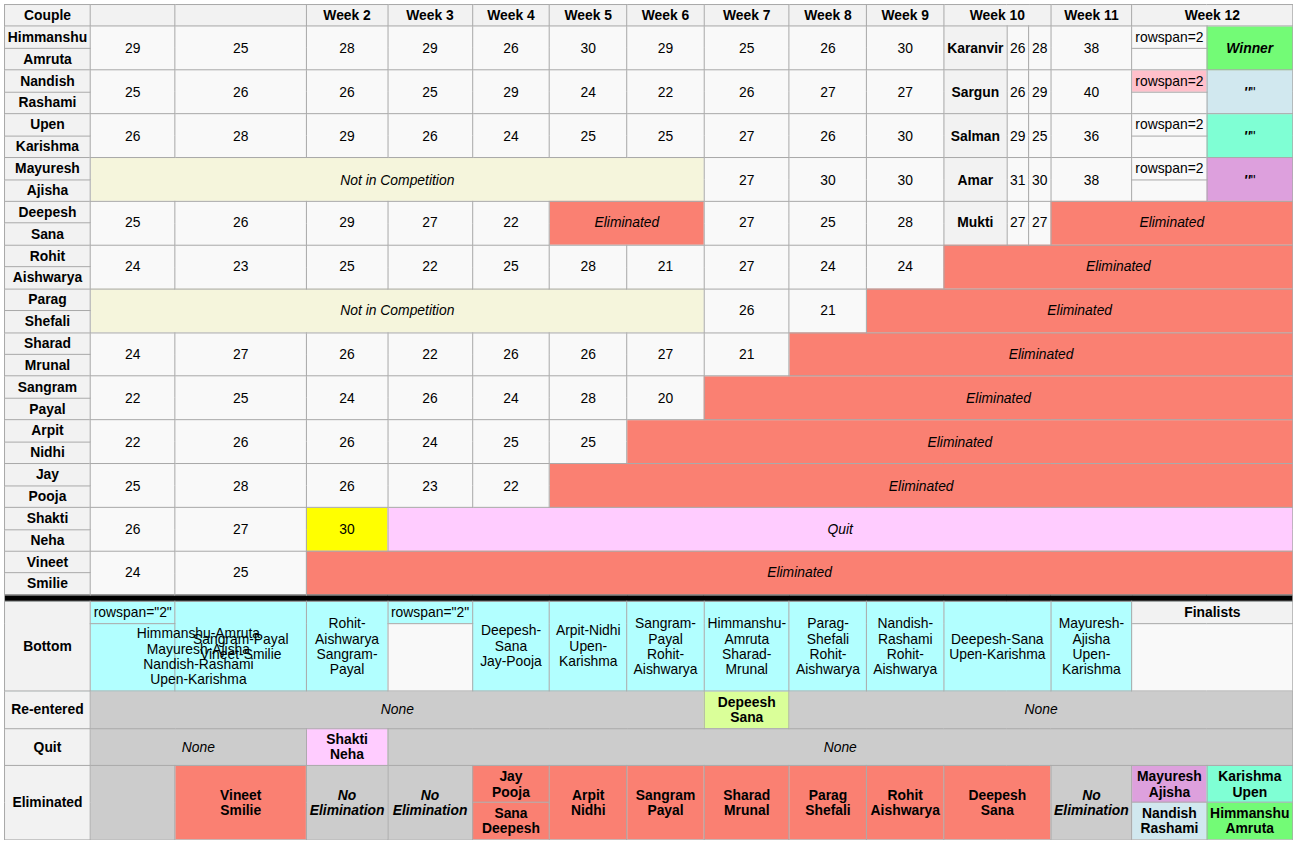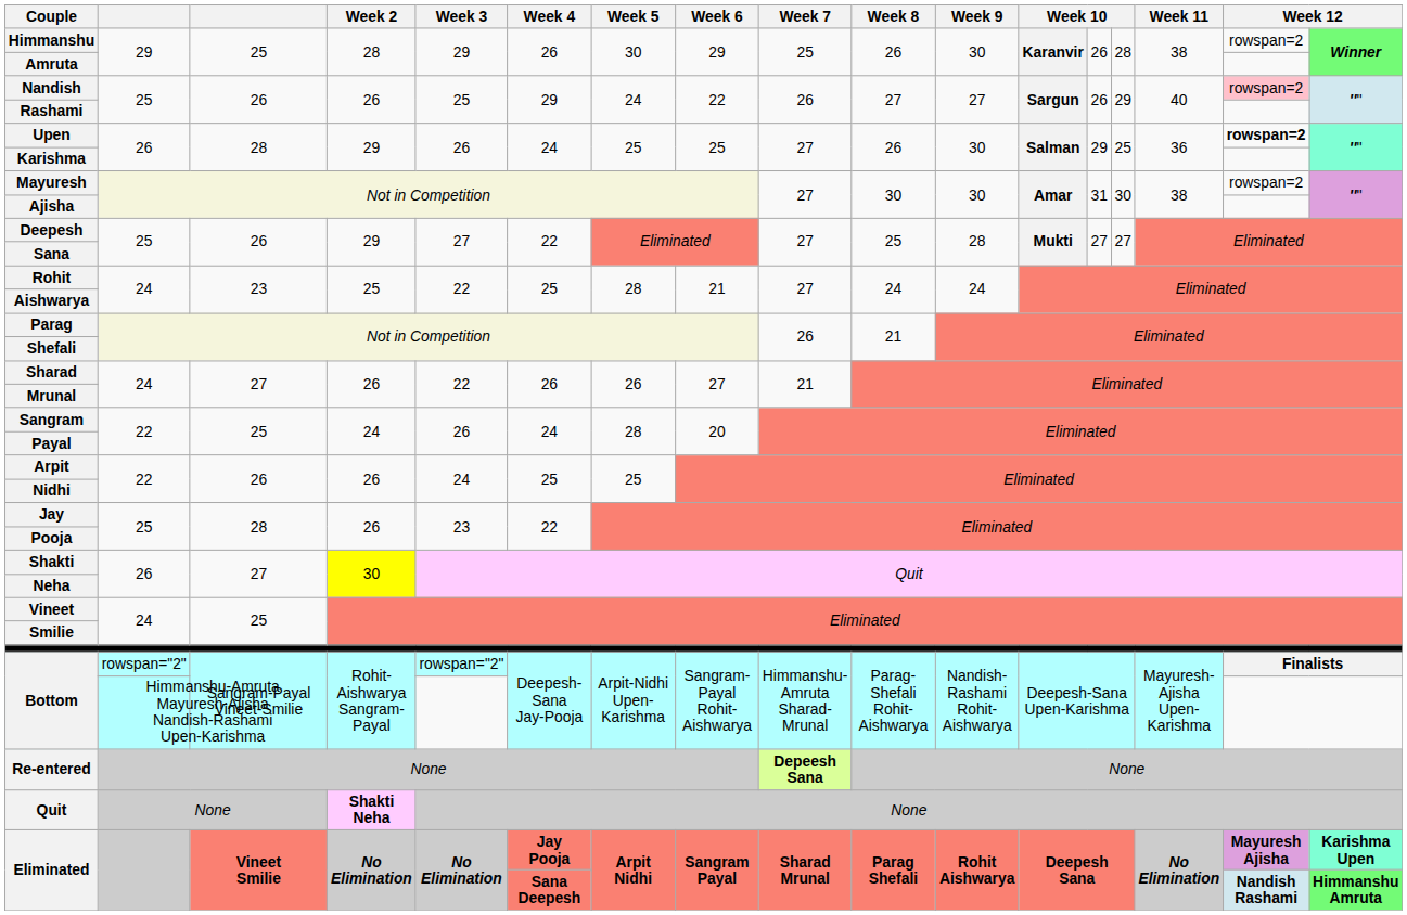 <table class="wikitable " style="text-align:center; width:100%; font-size:85%; line-height:15px;">
 <tr>
 <th style="width: 6%;">Couple</th>
 <th style="width: 6%;"></th>
 <th></th>
 <th style="width: 6%;">Week 2</th>
 <th style="width: 6%;">Week 3</th>
 <th style="width: 6%;">Week 4</th>
 <th style="width: 6%;">Week 5</th>
 <th style="width: 6%;">Week 6</th>
 <th style="width: 6%;">Week 7</th>
 <th style="width: 6%;">Week 8</th>
 <th style="width: 6%;">Week 9</th>
 <th colspan="3" style="width:6%; white-space:nowrap;">Week 10</th>
 <th style="width: 6%;">Week 11</th>
 <th colspan="2" style="width:9%; white-space:nowrap;">Week 12</th>
 </tr>
 <tr>
 <th>Himmanshu</th>
 <td rowspan=2>29</td>
 <td rowspan=2>25</td>
 <td rowspan=2>28</td>
 <td rowspan=2>29</td>
 <td rowspan=2>26</td>
 <td rowspan=2>30</td>
 <td rowspan=2>29</td>
 <td rowspan=2>25</td>
 <td rowspan=2>26</td>
 <td rowspan=2>30</td>
 <th rowspan="2">Karanvir</th>
 <td rowspan="2">26</td>
 <td rowspan="2">28</td>
 <td rowspan=2>38</td>
 <td>rowspan=2 </td>
 <td rowspan="2" style="background:#73FB76;"><strong><em>Winner</em></strong></td>
 </tr>
 <tr>
 <th>Amruta</th>
 </tr>
 <tr>
 <th>Nandish</th>
 <td rowspan=2>25</td>
 <td rowspan=2>26</td>
 <td rowspan=2>26</td>
 <td rowspan=2>25</td>
 <td rowspan=2>29</td>
 <td rowspan=2>24</td>
 <td rowspan=2>22</td>
 <td rowspan=2>26</td>
 <td rowspan=2>27</td>
 <td rowspan=2>27</td>
 <th rowspan="2">Sargun</th>
 <td rowspan="2">26</td>
 <td rowspan="2">29</td>
 <td rowspan=2>40</td>
 <td style="background: pink;">rowspan=2 </td>
 <td rowspan="2" style="background:#D1E8EF;"><strong><em>''</em></strong>''</td>
 </tr>
 <tr>
 <th>Rashami</th>
 </tr>
 <tr>
 <th>Upen</th>
 <td rowspan=2>26</td>
 <td rowspan=2>28</td>
 <td rowspan=2>29</td>
 <td rowspan=2>26</td>
 <td rowspan=2>24</td>
 <td rowspan=2>25</td>
 <td rowspan=2>25</td>
 <td rowspan=2>27</td>
 <td rowspan=2>26</td>
 <td rowspan=2>30</td>
 <th rowspan="2">Salman</th>
 <td rowspan="2">29</td>
 <td rowspan="2">25</td>
 <td rowspan=2>36</td>
-<td>rowspan=2 </td>
+<td><strong>rowspan=2 </strong></td>
 <td rowspan="2" style="background:#7FFFD4;"><strong><em>''</em></strong>''</td>
 </tr>
 <tr>
 <th>Karishma</th>
 </tr>
 <tr>
 <th>Mayuresh</th>
 <td rowspan=2 colspan="7" style="background:beige; text-align:center;"><em>Not in Competition </em></td>
 <td rowspan=2>27</td>
 <td rowspan=2>30</td>
 <td rowspan=2>30</td>
 <th rowspan="2">Amar</th>
 <td rowspan="2">31</td>
 <td rowspan="2">30</td>
 <td rowspan=2>38</td>
 <td>rowspan=2 </td>
 <td rowspan="2" style="background:#DDA0DD;"><strong><em>''</em></strong>''</td>
 </tr>
 <tr>
 <th>Ajisha</th>
 </tr>
 <tr>
 <th>Deepesh</th>
 <td rowspan=2>25</td>
 <td rowspan=2>26</td>
 <td rowspan=2>29</td>
 <td rowspan=2>27</td>
 <td rowspan=2>22</td>
 <td rowspan=2 colspan="2" style="background:salmon; text-align:center;"><em>Eliminated</em></td>
 <td rowspan=2>27</td>
 <td rowspan=2>25</td>
 <td rowspan=2>28</td>
 <th rowspan="2">Mukti</th>
 <td rowspan="2">27</td>
 <td rowspan="2">27</td>
 <td colspan="3" rowspan="2" style="background:salmon; text-align:center;"><em>Eliminated</em></td>
 </tr>
 <tr>
 <th>Sana</th>
 </tr>
 <tr>
 <th>Rohit</th>
 <td rowspan=2>24</td>
 <td rowspan=2>23</td>
 <td rowspan=2>25</td>
 <td rowspan=2>22</td>
 <td rowspan=2>25</td>
 <td rowspan=2>28</td>
 <td rowspan=2>21</td>
 <td rowspan=2>27</td>
 <td rowspan=2>24</td>
 <td rowspan=2>24</td>
 <td colspan="6" rowspan="2" style="background:salmon; text-align:center;"><em>Eliminated</em></td>
 </tr>
 <tr>
 <th>Aishwarya</th>
 </tr>
 <tr>
 <th>Parag</th>
 <td rowspan=2 colspan="7" style="background:beige; text-align:center;"><em>Not in Competition </em></td>
 <td rowspan=2>26</td>
 <td rowspan=2>21</td>
 <td colspan="7" rowspan="2" style="background:salmon; text-align:center;"><em>Eliminated</em></td>
 </tr>
 <tr>
 <th>Shefali</th>
 </tr>
 <tr>
 <th>Sharad</th>
 <td rowspan=2>24</td>
 <td rowspan=2>27</td>
 <td rowspan=2>26</td>
 <td rowspan=2>22</td>
 <td rowspan=2>26</td>
 <td rowspan=2>26</td>
 <td rowspan=2>27</td>
 <td rowspan=2>21</td>
 <td colspan="8" rowspan="2" style="background:salmon; text-align:center;"><em>Eliminated</em></td>
 </tr>
 <tr>
 <th>Mrunal</th>
 </tr>
 <tr>
 <th>Sangram</th>
 <td rowspan=2>22</td>
 <td rowspan=2>25</td>
 <td rowspan=2>24</td>
 <td rowspan=2>26</td>
 <td rowspan=2>24</td>
 <td rowspan=2>28</td>
 <td rowspan=2>20</td>
 <td colspan="9" rowspan="2" style="background:salmon; text-align:center;"><em>Eliminated</em></td>
 </tr>
 <tr>
 <th>Payal</th>
 </tr>
 <tr>
 <th>Arpit</th>
 <td rowspan=2>22</td>
 <td rowspan=2>26</td>
 <td rowspan=2>26</td>
 <td rowspan=2>24</td>
 <td rowspan=2>25</td>
 <td rowspan=2>25</td>
 <td colspan="10" rowspan="2" style="background:salmon; text-align:center;"><em>Eliminated</em></td>
 </tr>
 <tr>
 <th>Nidhi</th>
 </tr>
 <tr>
 <th>Jay</th>
 <td rowspan=2>25</td>
 <td rowspan=2>28</td>
 <td rowspan=2>26</td>
 <td rowspan=2>23</td>
 <td rowspan=2>22</td>
 <td colspan="11" rowspan="2" style="background:salmon; text-align:center;"><em>Eliminated</em></td>
 </tr>
 <tr>
 <th>Pooja</th>
 </tr>
 <tr>
 <th>Shakti</th>
 <td rowspan=2>26</td>
 <td rowspan=2>27</td>
 <td rowspan=2 style="background:yellow;">30</td>
 <td colspan="13" rowspan="2" style="background:#fcf; text-align:center;"><em>Quit</em></td>
 </tr>
 <tr>
 <th>Neha</th>
 </tr>
 <tr>
 <th>Vineet</th>
 <td rowspan=2>24</td>
 <td rowspan=2>25</td>
 <td colspan="14" rowspan="2" style="background:salmon; text-align:center;"><em>Eliminated</em></td>
 </tr>
 <tr>
 <th>Smilie</th>
 </tr>
 <tr>
 <th colspan="17" style="background:#000;"></th>
 </tr>
 <tr style="background:#B2FFFF" |>
 <th rowspan="2">Bottom</th>
 <td>rowspan="2" </td>
 <td rowspan="2">Sangram-Payal<br>Vineet-Smilie</td>
 <td rowspan="2">Rohit-Aishwarya<br>Sangram-Payal</td>
 <td>rowspan="2" </td>
 <td rowspan="2">Deepesh-Sana<br>Jay-Pooja</td>
 <td rowspan="2">Arpit-Nidhi<br>Upen-Karishma</td>
 <td rowspan="2">Sangram-Payal<br>Rohit-Aishwarya</td>
 <td rowspan="2">Himmanshu-Amruta<br>Sharad-Mrunal</td>
 <td rowspan="2">Parag-Shefali<br>Rohit-Aishwarya</td>
 <td rowspan="2">Nandish-Rashami<br>Rohit-Aishwarya</td>
 <td rowspan="2" colspan="3">Deepesh-Sana<br>Upen-Karishma</td>
 <td rowspan="2">Mayuresh-Ajisha<br>Upen-Karishma</td>
 <th colspan="2">Finalists</th>
 </tr>
 <tr style="background:#B2FFFF" |>
 <td colspan="2">Himmanshu-Amruta<br>Mayuresh-Ajisha<br>Nandish-Rashami<br>Upen-Karishma</td>
 </tr>
 <tr>
 <th>Re-entered</th>
 <td colspan="7" style="background:#ccc;"><em>None</em></td>
 <td style="background:#DAFF99;"><strong>Depeesh<br>Sana</strong></td>
 <td colspan="8" style="background:#ccc;"><em>None</em></td>
 </tr>
 <tr>
 <th>Quit</th>
 <td colspan="2" style="background:#ccc;"><em>None</em></td>
 <td style="background:#fcf;"><strong>Shakti<br>Neha</strong></td>
 <td colspan="13" style="background:#ccc;"><em>None</em></td>
 </tr>
 <tr>
 <th rowspan="3">Eliminated</th>
 <td rowspan="3" style="background:#ccc;"></td>
 <td rowspan="3" style="background:salmon; text-align:center;"><strong>Vineet<br>Smilie</strong></td>
 <td rowspan="3" style="background:#ccc;"><strong><em>No<br>Elimination</em></strong></td>
 <td rowspan="3" style="background:#ccc;"><strong><em>No<br>Elimination</em></strong></td>
 <td rowspan="2" style="background:salmon; text-align:center;"><strong>Jay<br>Pooja</strong></td>
 <td rowspan="3" style="background:salmon; text-align:center;"><strong>Arpit<br>Nidhi</strong></td>
 <td rowspan="3" style="background:salmon; text-align:center;"><strong>Sangram<br>Payal</strong></td>
 <td rowspan="3" style="background:salmon; text-align:center;"><strong>Sharad<br>Mrunal</strong></td>
 <td rowspan="3" style="background:salmon; text-align:center;"><strong>Parag<br>Shefali</strong></td>
 <td rowspan="3" style="background:salmon; text-align:center;"><strong>Rohit<br>Aishwarya</strong></td>
 <td colspan="3" rowspan="3" style="background:salmon; text-align:center;"><strong>Deepesh<br>Sana</strong></td>
 <td rowspan="3" style="background:#ccc;"><strong><em>No<br>Elimination</em></strong></td>
 <td style="background:#DDA0DD;"><strong>Mayuresh<br>Ajisha</strong></td>
 <td rowspan="1" style="background:#7FFFD4;"><strong>Karishma<br>Upen</strong></td>
 </tr>
 <tr>
 <td rowspan="3" style="background:#D1E8EF;"><strong>Nandish<br>Rashami</strong></td>
 <td rowspan="3" style="background:#73FB76;"><strong>Himmanshu<br>Amruta</strong></td>
 </tr>
 <tr>
 <td rowspan="1" style="background:salmon; text-align:center;"><strong>Sana <br> Deepesh</strong></td>
 </tr>
 </table>
